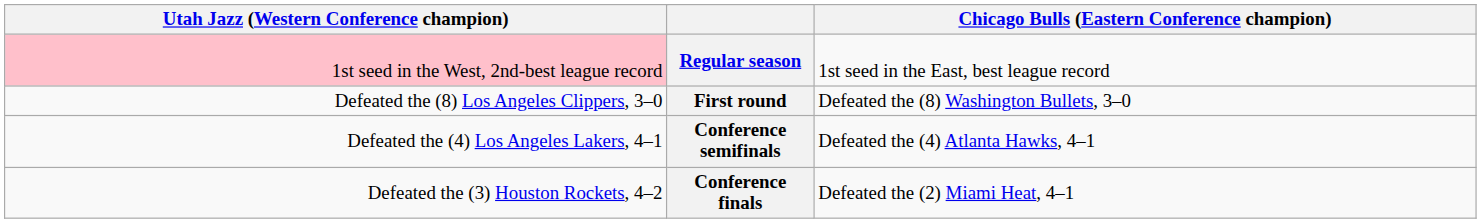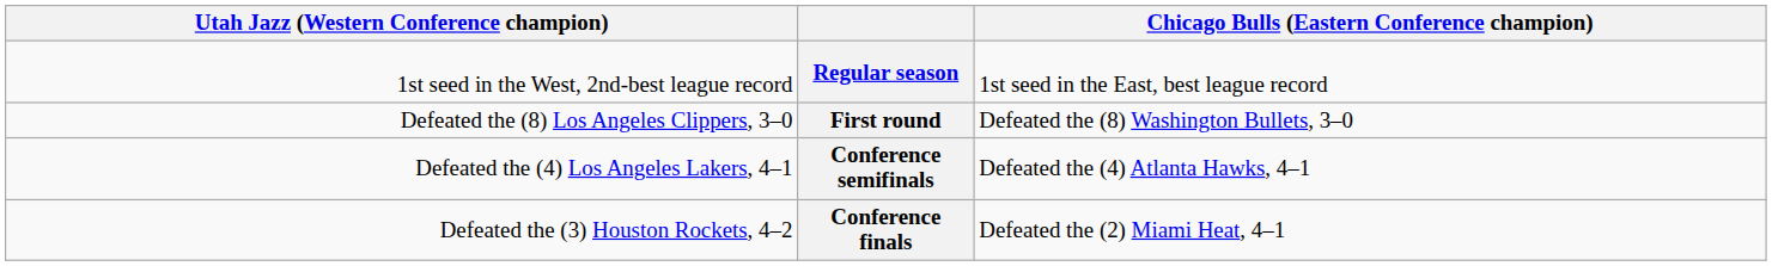 <table class="wikitable">
 <tr valign=top>
 <th colspan="2" style="width:45%;"><a href='#'>Utah Jazz</a> (<a href='#'>Western Conference</a> champion)</th>
 <th></th>
 <th colspan="2" style="width:45%;"><a href='#'>Chicago Bulls</a> (<a href='#'>Eastern Conference</a> champion)</th>
 </tr>
 <tr>
-<td align=right style="background: pink;"><br> 1st seed in the West, 2nd-best league record</td>
+<td align=right><br> 1st seed in the West, 2nd-best league record</td>
 <th colspan=2><a href='#'>Regular season</a></th>
 <td><br>1st seed in the East, best league record</td>
 </tr>
 <tr>
 <td align=right>Defeated the (8) <a href='#'>Los Angeles Clippers</a>, 3–0</td>
 <th colspan=2>First round</th>
 <td>Defeated the (8) <a href='#'>Washington Bullets</a>, 3–0</td>
 </tr>
 <tr>
 <td align=right>Defeated the (4) <a href='#'>Los Angeles Lakers</a>, 4–1</td>
 <th colspan=2>Conference semifinals</th>
 <td>Defeated the (4) <a href='#'>Atlanta Hawks</a>, 4–1</td>
 </tr>
 <tr>
 <td align=right>Defeated the (3) <a href='#'>Houston Rockets</a>, 4–2</td>
 <th colspan=2>Conference finals</th>
 <td>Defeated the (2) <a href='#'>Miami Heat</a>, 4–1</td>
 </tr>
 </table>
